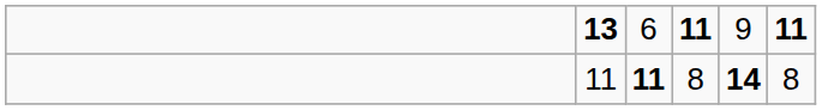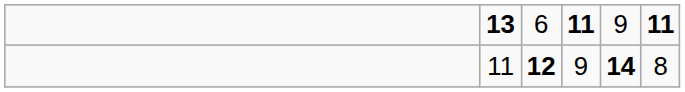 <table class="wikitable">
 <tr>
 <td style="width:18em"></td>
 <td align=center style="width:1em"><strong>13</strong></td>
 <td align=center style="width:1em">6</td>
 <td align=center style="width:1em"><strong>11</strong></td>
 <td align=center style="width:1em">9</td>
 <td align=center style="width:1em"><strong>11</strong></td>
 </tr>
 <tr>
 <td style="width:18em"></td>
 <td align=center style="width:1em">11</td>
-<td align=center style="width:1em"><strong>11</strong></td>
-<td align=center style="width:1em">8</td>
+<td align=center style="width:1em"><strong>12</strong></td>
+<td align=center style="width:1em">9</td>
 <td align=center style="width:1em"><strong>14</strong></td>
 <td align=center style="width:1em">8</td>
 </tr>
 </table>
